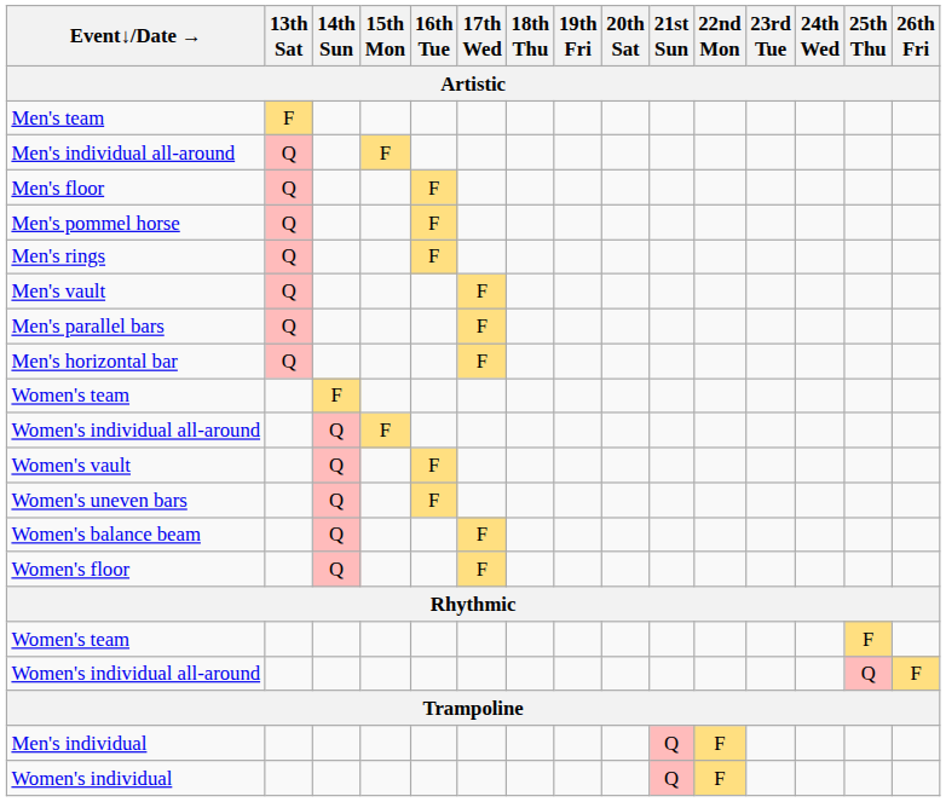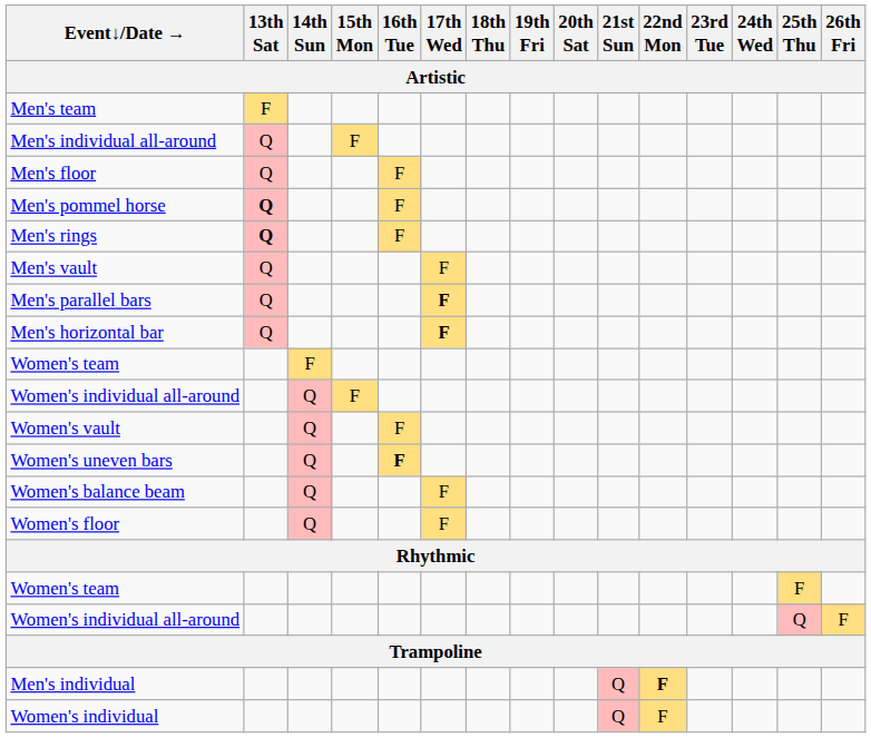 <table class="wikitable" style="margin:0.5em auto; font-size:90%; line-height:1.25em; text-align:center;">
 <tr>
 <th>Event↓/Date →</th>
 <th>13th<br>Sat</th>
 <th>14th<br>Sun</th>
 <th>15th<br>Mon</th>
 <th>16th<br>Tue</th>
 <th>17th<br>Wed</th>
 <th>18th<br>Thu</th>
 <th>19th<br>Fri</th>
 <th>20th<br>Sat</th>
 <th>21st<br>Sun</th>
 <th>22nd<br>Mon</th>
 <th>23rd<br>Tue</th>
 <th>24th<br>Wed</th>
 <th>25th<br>Thu</th>
 <th>26th<br>Fri</th>
 </tr>
 <tr>
 <th colspan=15>Artistic</th>
 </tr>
 <tr>
 <td align="left"><a href='#'>Men's team</a></td>
 <td bgcolor="#FFDF80">F</td>
 <td></td>
 <td></td>
 <td></td>
 <td></td>
 <td></td>
 <td></td>
 <td></td>
 <td></td>
 <td></td>
 <td></td>
 <td></td>
 <td></td>
 <td></td>
 </tr>
 <tr>
 <td align="left"><a href='#'>Men's individual all-around</a></td>
 <td bgcolor="#FFBBBB">Q</td>
 <td></td>
 <td bgcolor="#FFDF80">F</td>
 <td></td>
 <td></td>
 <td></td>
 <td></td>
 <td></td>
 <td></td>
 <td></td>
 <td></td>
 <td></td>
 <td></td>
 <td></td>
 </tr>
 <tr>
 <td align="left"><a href='#'>Men's floor</a></td>
 <td bgcolor="#FFBBBB">Q</td>
 <td></td>
 <td></td>
 <td bgcolor="#FFDF80">F</td>
 <td></td>
 <td></td>
 <td></td>
 <td></td>
 <td></td>
 <td></td>
 <td></td>
 <td></td>
 <td></td>
 <td></td>
 </tr>
 <tr>
 <td align="left"><a href='#'>Men's pommel horse</a></td>
-<td bgcolor="#FFBBBB">Q</td>
+<td bgcolor="#FFBBBB"><strong>Q</strong></td>
 <td></td>
 <td></td>
 <td bgcolor="#FFDF80">F</td>
 <td></td>
 <td></td>
 <td></td>
 <td></td>
 <td></td>
 <td></td>
 <td></td>
 <td></td>
 <td></td>
 <td></td>
 </tr>
 <tr>
 <td align="left"><a href='#'>Men's rings</a></td>
-<td bgcolor="#FFBBBB">Q</td>
+<td bgcolor="#FFBBBB"><strong>Q</strong></td>
 <td></td>
 <td></td>
 <td bgcolor="#FFDF80">F</td>
 <td></td>
 <td></td>
 <td></td>
 <td></td>
 <td></td>
 <td></td>
 <td></td>
 <td></td>
 <td></td>
 <td></td>
 </tr>
 <tr>
 <td align="left"><a href='#'>Men's vault</a></td>
 <td bgcolor="#FFBBBB">Q</td>
 <td></td>
 <td></td>
 <td></td>
 <td bgcolor="#FFDF80">F</td>
 <td></td>
 <td></td>
 <td></td>
 <td></td>
 <td></td>
 <td></td>
 <td></td>
 <td></td>
 <td></td>
 </tr>
 <tr>
 <td align="left"><a href='#'>Men's parallel bars</a></td>
 <td bgcolor="#FFBBBB">Q</td>
 <td></td>
 <td></td>
 <td></td>
-<td bgcolor="#FFDF80">F</td>
+<td bgcolor="#FFDF80"><strong>F</strong></td>
 <td></td>
 <td></td>
 <td></td>
 <td></td>
 <td></td>
 <td></td>
 <td></td>
 <td></td>
 <td></td>
 </tr>
 <tr>
 <td align="left"><a href='#'>Men's horizontal bar</a></td>
 <td bgcolor="#FFBBBB">Q</td>
 <td></td>
 <td></td>
 <td></td>
-<td bgcolor="#FFDF80">F</td>
+<td bgcolor="#FFDF80"><strong>F</strong></td>
 <td></td>
 <td></td>
 <td></td>
 <td></td>
 <td></td>
 <td></td>
 <td></td>
 <td></td>
 <td></td>
 </tr>
 <tr>
 <td align="left"><a href='#'>Women's team</a></td>
 <td></td>
 <td bgcolor="#FFDF80">F</td>
 <td></td>
 <td></td>
 <td></td>
 <td></td>
 <td></td>
 <td></td>
 <td></td>
 <td></td>
 <td></td>
 <td></td>
 <td></td>
 <td></td>
 </tr>
 <tr>
 <td align="left"><a href='#'>Women's individual all-around</a></td>
 <td></td>
 <td bgcolor="#FFBBBB">Q</td>
 <td bgcolor="#FFDF80">F</td>
 <td></td>
 <td></td>
 <td></td>
 <td></td>
 <td></td>
 <td></td>
 <td></td>
 <td></td>
 <td></td>
 <td></td>
 <td></td>
 </tr>
 <tr>
 <td align="left"><a href='#'>Women's vault</a></td>
 <td></td>
 <td bgcolor="#FFBBBB">Q</td>
 <td></td>
 <td bgcolor="#FFDF80">F</td>
 <td></td>
 <td></td>
 <td></td>
 <td></td>
 <td></td>
 <td></td>
 <td></td>
 <td></td>
 <td></td>
 <td></td>
 </tr>
 <tr>
 <td align="left"><a href='#'>Women's uneven bars</a></td>
 <td></td>
 <td bgcolor="#FFBBBB">Q</td>
 <td></td>
-<td bgcolor="#FFDF80">F</td>
+<td bgcolor="#FFDF80"><strong>F</strong></td>
 <td></td>
 <td></td>
 <td></td>
 <td></td>
 <td></td>
 <td></td>
 <td></td>
 <td></td>
 <td></td>
 <td></td>
 </tr>
 <tr>
 <td align="left"><a href='#'>Women's balance beam</a></td>
 <td></td>
 <td bgcolor="#FFBBBB">Q</td>
 <td></td>
 <td></td>
 <td bgcolor="#FFDF80">F</td>
 <td></td>
 <td></td>
 <td></td>
 <td></td>
 <td></td>
 <td></td>
 <td></td>
 <td></td>
 <td></td>
 </tr>
 <tr>
 <td align="left"><a href='#'>Women's floor</a></td>
 <td></td>
 <td bgcolor="#FFBBBB">Q</td>
 <td></td>
 <td></td>
 <td bgcolor="#FFDF80">F</td>
 <td></td>
 <td></td>
 <td></td>
 <td></td>
 <td></td>
 <td></td>
 <td></td>
 <td></td>
 <td></td>
 </tr>
 <tr>
 <th colspan=15>Rhythmic</th>
 </tr>
 <tr>
 <td align="left"><a href='#'>Women's team</a></td>
 <td></td>
 <td></td>
 <td></td>
 <td></td>
 <td></td>
 <td></td>
 <td></td>
 <td></td>
 <td></td>
 <td></td>
 <td></td>
 <td></td>
 <td bgcolor="#FFDF80">F</td>
 <td></td>
 </tr>
 <tr>
 <td align="left"><a href='#'>Women's individual all-around</a></td>
 <td></td>
 <td></td>
 <td></td>
 <td></td>
 <td></td>
 <td></td>
 <td></td>
 <td></td>
 <td></td>
 <td></td>
 <td></td>
 <td></td>
 <td bgcolor="#FFBBBB">Q</td>
 <td bgcolor="#FFDF80">F</td>
 </tr>
 <tr>
 <th colspan=15>Trampoline</th>
 </tr>
 <tr>
 <td align="left"><a href='#'>Men's individual</a></td>
 <td></td>
 <td></td>
 <td></td>
 <td></td>
 <td></td>
 <td></td>
 <td></td>
 <td></td>
 <td bgcolor="#FFBBBB">Q</td>
-<td bgcolor="#FFDF80">F</td>
+<td bgcolor="#FFDF80"><strong>F</strong></td>
 <td></td>
 <td></td>
 <td></td>
 <td></td>
 </tr>
 <tr>
 <td align="left"><a href='#'>Women's individual</a></td>
 <td></td>
 <td></td>
 <td></td>
 <td></td>
 <td></td>
 <td></td>
 <td></td>
 <td></td>
 <td bgcolor="#FFBBBB">Q</td>
 <td bgcolor="#FFDF80">F</td>
 <td></td>
 <td></td>
 <td></td>
 <td></td>
 </tr>
 </table>
